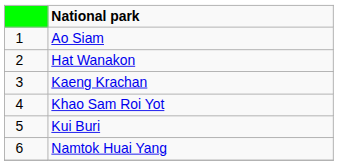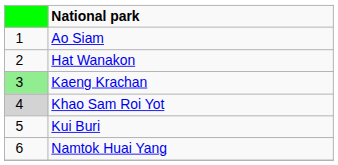 <table class= "wikitable" style= "width:30%; display:inline-table;">
 <tr>
 <td style="width:3%; background:#00FF00;"> </td>
 <td style="width:27%;"><strong>National park</strong></td>
 </tr>
 <tr>
 <td>  1</td>
 <td><a href='#'>Ao Siam</a></td>
 </tr>
 <tr>
 <td>  2</td>
 <td><a href='#'>Hat Wanakon</a></td>
 </tr>
 <tr>
-<td>  3</td>
+<td style="background: lightgreen;">  3</td>
 <td><a href='#'>Kaeng Krachan</a></td>
 </tr>
 <tr>
-<td>  4</td>
+<td style="background: lightgrey;">  4</td>
 <td><a href='#'>Khao Sam Roi Yot</a></td>
 </tr>
 <tr>
 <td>  5</td>
 <td><a href='#'>Kui Buri</a></td>
 </tr>
 <tr>
 <td>  6</td>
 <td><a href='#'>Namtok Huai Yang</a></td>
 </tr>
 <tr>
 </tr>
 </table>
